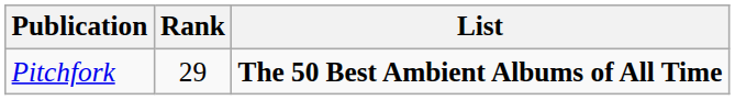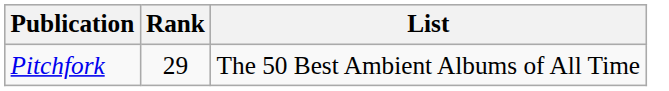 <table class="sortable wikitable">
 <tr>
 <th>Publication</th>
 <th>Rank</th>
 <th class="unsortable">List</th>
 </tr>
 <tr>
 <td><em><a href='#'>Pitchfork</a></em></td>
 <td style="text-align:center;">29</td>
-<td><strong>The 50 Best Ambient Albums of All Time</strong></td>
+<td>The 50 Best Ambient Albums of All Time</td>
 </tr>
 </table>
